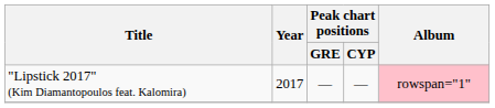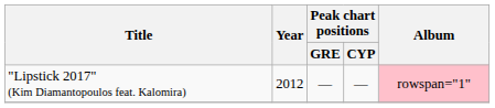 <table class="wikitable" style="text-align:center;">
 <tr>
 <th scope="col" rowspan="2" width=300>Title</th>
 <th scope="col" rowspan="2" width=10>Year</th>
 <th scope="col" colspan="2">Peak chart positions</th>
 <th scope="col" rowspan="2" width=120>Album</th>
 </tr>
 <tr>
 <th width="30">GRE</th>
 <th width="30">CYP</th>
 </tr>
 <tr>
 <td align="left">"Lipstick 2017"<br><small>(Kim Diamantopoulos feat. Kalomira)</small></td>
-<td rowspan="1">2017</td>
+<td rowspan="1">2012</td>
 <td>—</td>
 <td>—</td>
 <td style="background: pink;">rowspan="1" </td>
 </tr>
 <tr>
 </tr>
 </table>
